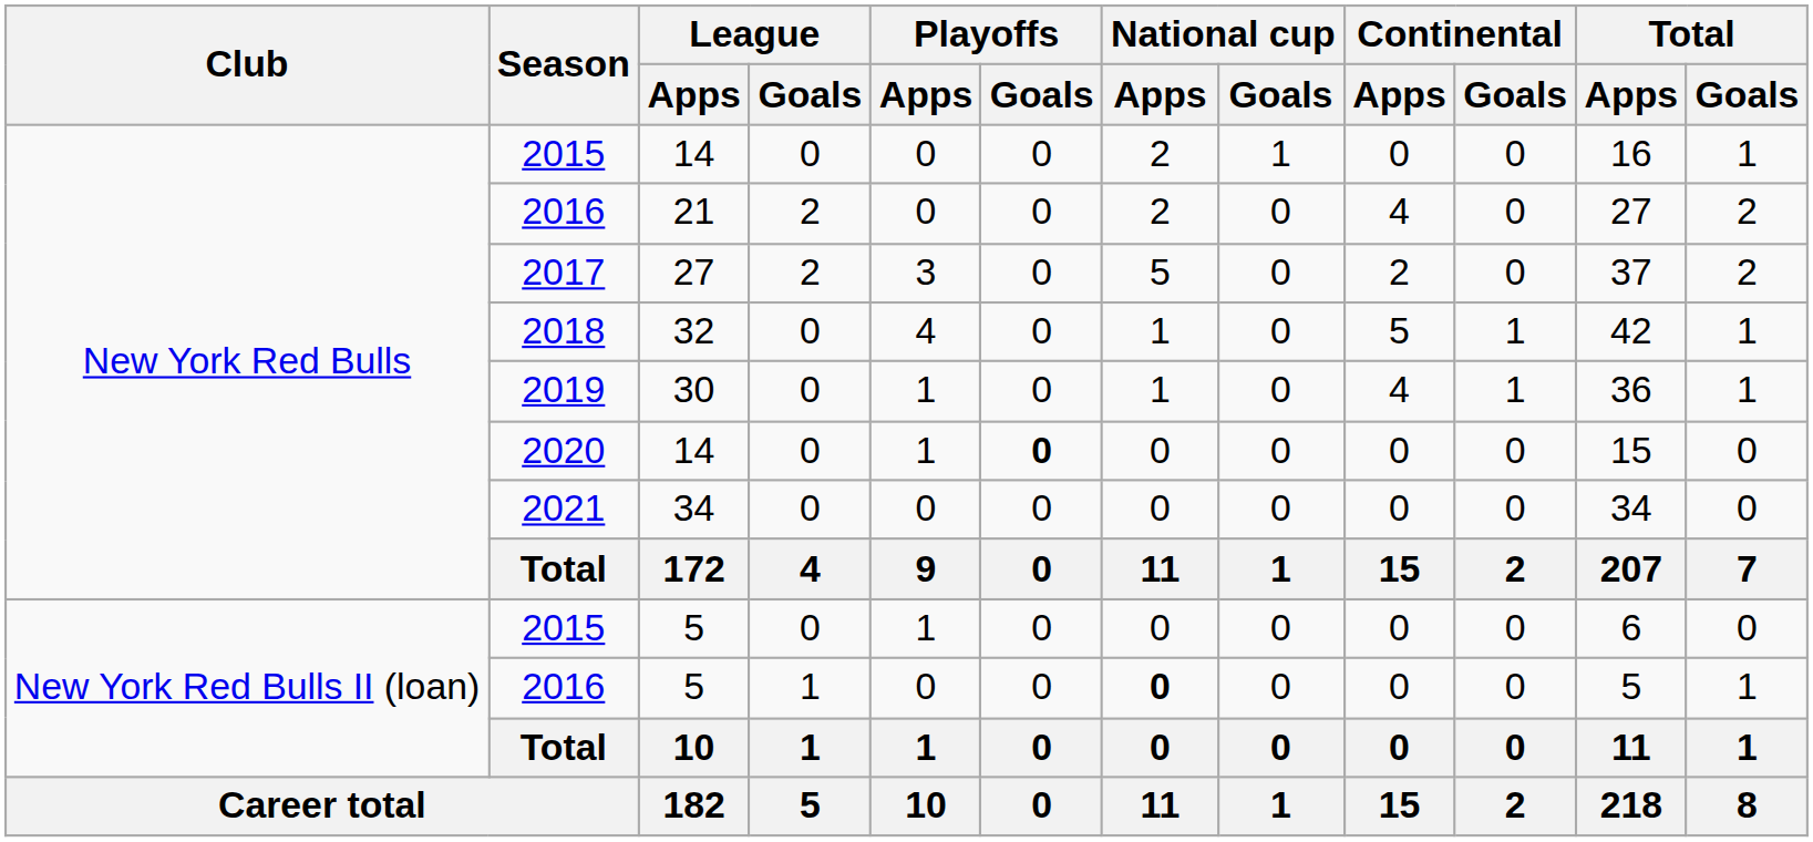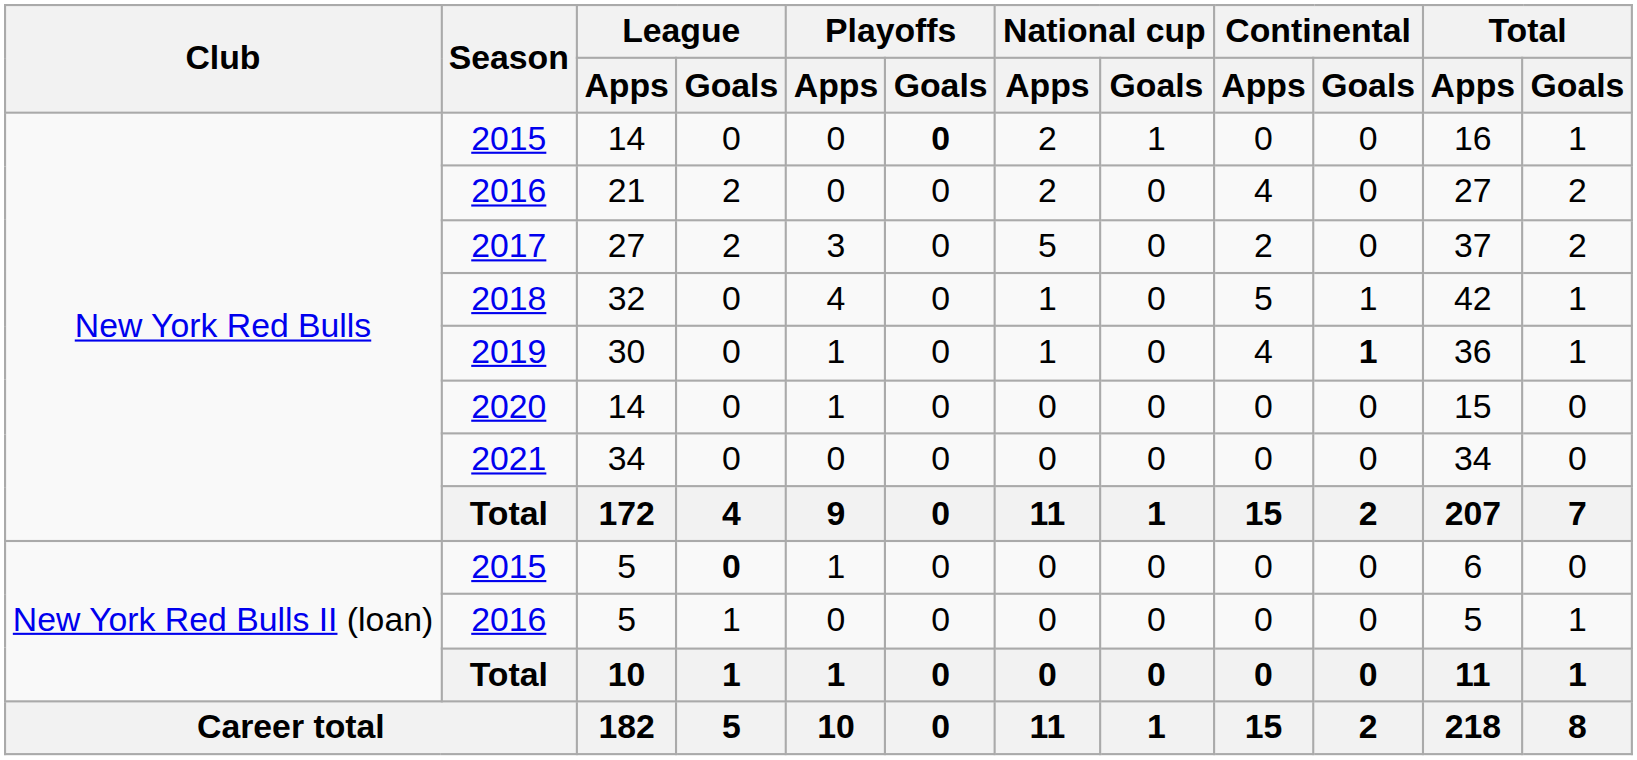 <table class="wikitable" style="text-align:center">
 <tr>
 <th rowspan="2">Club</th>
 <th rowspan="2">Season</th>
 <th colspan="2">League</th>
 <th colspan="2">Playoffs</th>
 <th colspan="2">National cup</th>
 <th colspan="2">Continental</th>
 <th colspan="2">Total</th>
 </tr>
 <tr>
 <th>Apps</th>
 <th>Goals</th>
 <th>Apps</th>
 <th>Goals</th>
 <th>Apps</th>
 <th>Goals</th>
 <th>Apps</th>
 <th>Goals</th>
 <th>Apps</th>
 <th>Goals</th>
 </tr>
 <tr>
 <td rowspan="8"><a href='#'>New York Red Bulls</a></td>
 <td><a href='#'>2015</a></td>
 <td>14</td>
 <td>0</td>
 <td>0</td>
-<td>0</td>
+<td><strong>0</strong></td>
 <td>2</td>
 <td>1</td>
 <td>0</td>
 <td>0</td>
 <td>16</td>
 <td>1</td>
 </tr>
 <tr>
 <td><a href='#'>2016</a></td>
 <td>21</td>
 <td>2</td>
 <td>0</td>
 <td>0</td>
 <td>2</td>
 <td>0</td>
 <td>4</td>
 <td>0</td>
 <td>27</td>
 <td>2</td>
 </tr>
 <tr>
 <td><a href='#'>2017</a></td>
 <td>27</td>
 <td>2</td>
 <td>3</td>
 <td>0</td>
 <td>5</td>
 <td>0</td>
 <td>2</td>
 <td>0</td>
 <td>37</td>
 <td>2</td>
 </tr>
 <tr>
 <td><a href='#'>2018</a></td>
 <td>32</td>
 <td>0</td>
 <td>4</td>
 <td>0</td>
 <td>1</td>
 <td>0</td>
 <td>5</td>
 <td>1</td>
 <td>42</td>
 <td>1</td>
 </tr>
 <tr>
 <td><a href='#'>2019</a></td>
 <td>30</td>
 <td>0</td>
 <td>1</td>
 <td>0</td>
 <td>1</td>
 <td>0</td>
 <td>4</td>
-<td>1</td>
+<td><strong>1</strong></td>
 <td>36</td>
 <td>1</td>
 </tr>
 <tr>
 <td><a href='#'>2020</a></td>
 <td>14</td>
 <td>0</td>
 <td>1</td>
-<td><strong>0</strong></td>
+<td>0</td>
 <td>0</td>
 <td>0</td>
 <td>0</td>
 <td>0</td>
 <td>15</td>
 <td>0</td>
 </tr>
 <tr>
 <td><a href='#'>2021</a></td>
 <td>34</td>
 <td>0</td>
 <td>0</td>
 <td>0</td>
 <td>0</td>
 <td>0</td>
 <td>0</td>
 <td>0</td>
 <td>34</td>
 <td>0</td>
 </tr>
 <tr>
 <th>Total</th>
 <th>172</th>
 <th>4</th>
 <th>9</th>
 <th>0</th>
 <th>11</th>
 <th>1</th>
 <th>15</th>
 <th>2</th>
 <th>207</th>
 <th>7</th>
 </tr>
 <tr>
 <td rowspan="3"><a href='#'>New York Red Bulls II</a> (loan)</td>
 <td><a href='#'>2015</a></td>
 <td>5</td>
-<td>0</td>
+<td><strong>0</strong></td>
 <td>1</td>
 <td>0</td>
 <td>0</td>
 <td>0</td>
 <td>0</td>
 <td>0</td>
 <td>6</td>
 <td>0</td>
 </tr>
 <tr>
 <td><a href='#'>2016</a></td>
 <td>5</td>
 <td>1</td>
 <td>0</td>
 <td>0</td>
-<td><strong>0</strong></td>
+<td>0</td>
 <td>0</td>
 <td>0</td>
 <td>0</td>
 <td>5</td>
 <td>1</td>
 </tr>
 <tr>
 <th>Total</th>
 <th>10</th>
 <th>1</th>
 <th>1</th>
 <th>0</th>
 <th>0</th>
 <th>0</th>
 <th>0</th>
 <th>0</th>
 <th>11</th>
 <th>1</th>
 </tr>
 <tr>
 <th colspan="2">Career total</th>
 <th>182</th>
 <th>5</th>
 <th>10</th>
 <th>0</th>
 <th>11</th>
 <th>1</th>
 <th>15</th>
 <th>2</th>
 <th>218</th>
 <th>8</th>
 </tr>
 </table>
